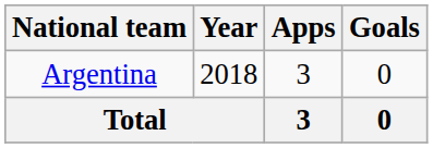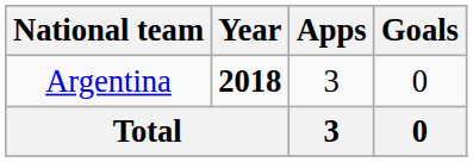 <table class="wikitable" style="text-align:center">
 <tr>
 <th>National team</th>
 <th>Year</th>
 <th>Apps</th>
 <th>Goals</th>
 </tr>
 <tr>
 <td rowspan="1"><a href='#'>Argentina</a></td>
-<td>2018</td>
+<td><strong>2018</strong></td>
 <td>3</td>
 <td>0</td>
 </tr>
 <tr>
 <th colspan=2>Total</th>
 <th>3</th>
 <th>0</th>
 </tr>
 </table>
